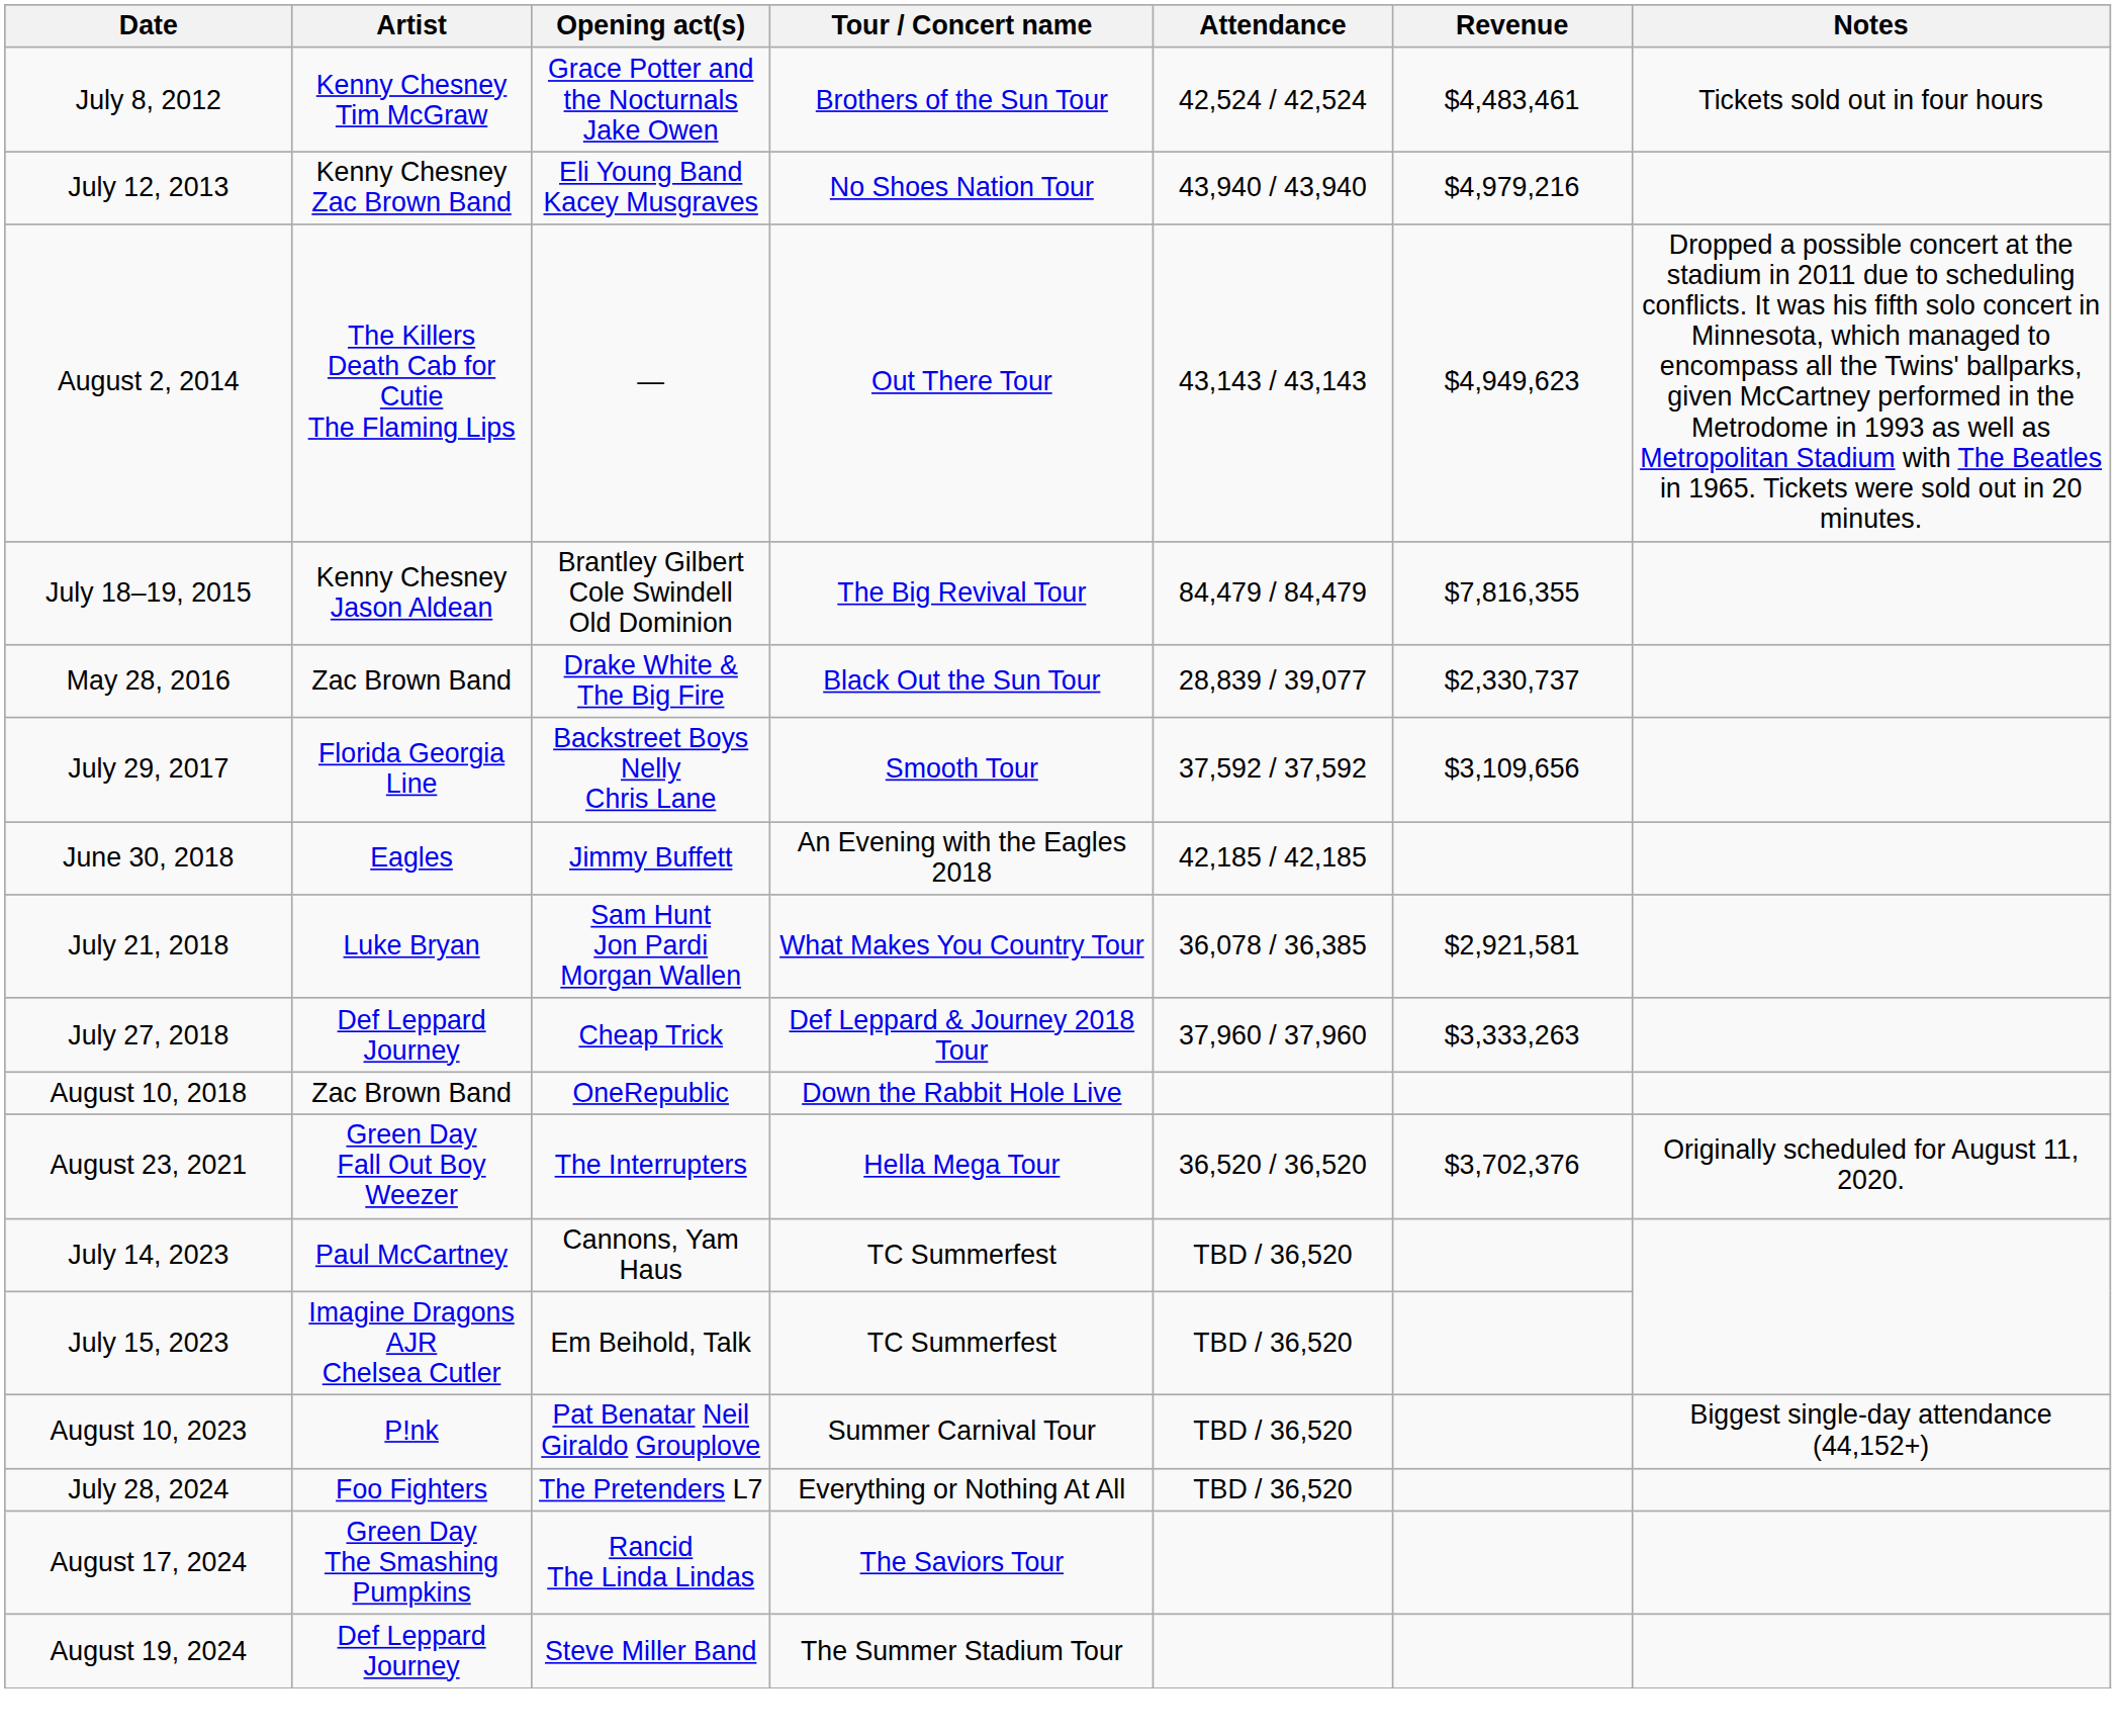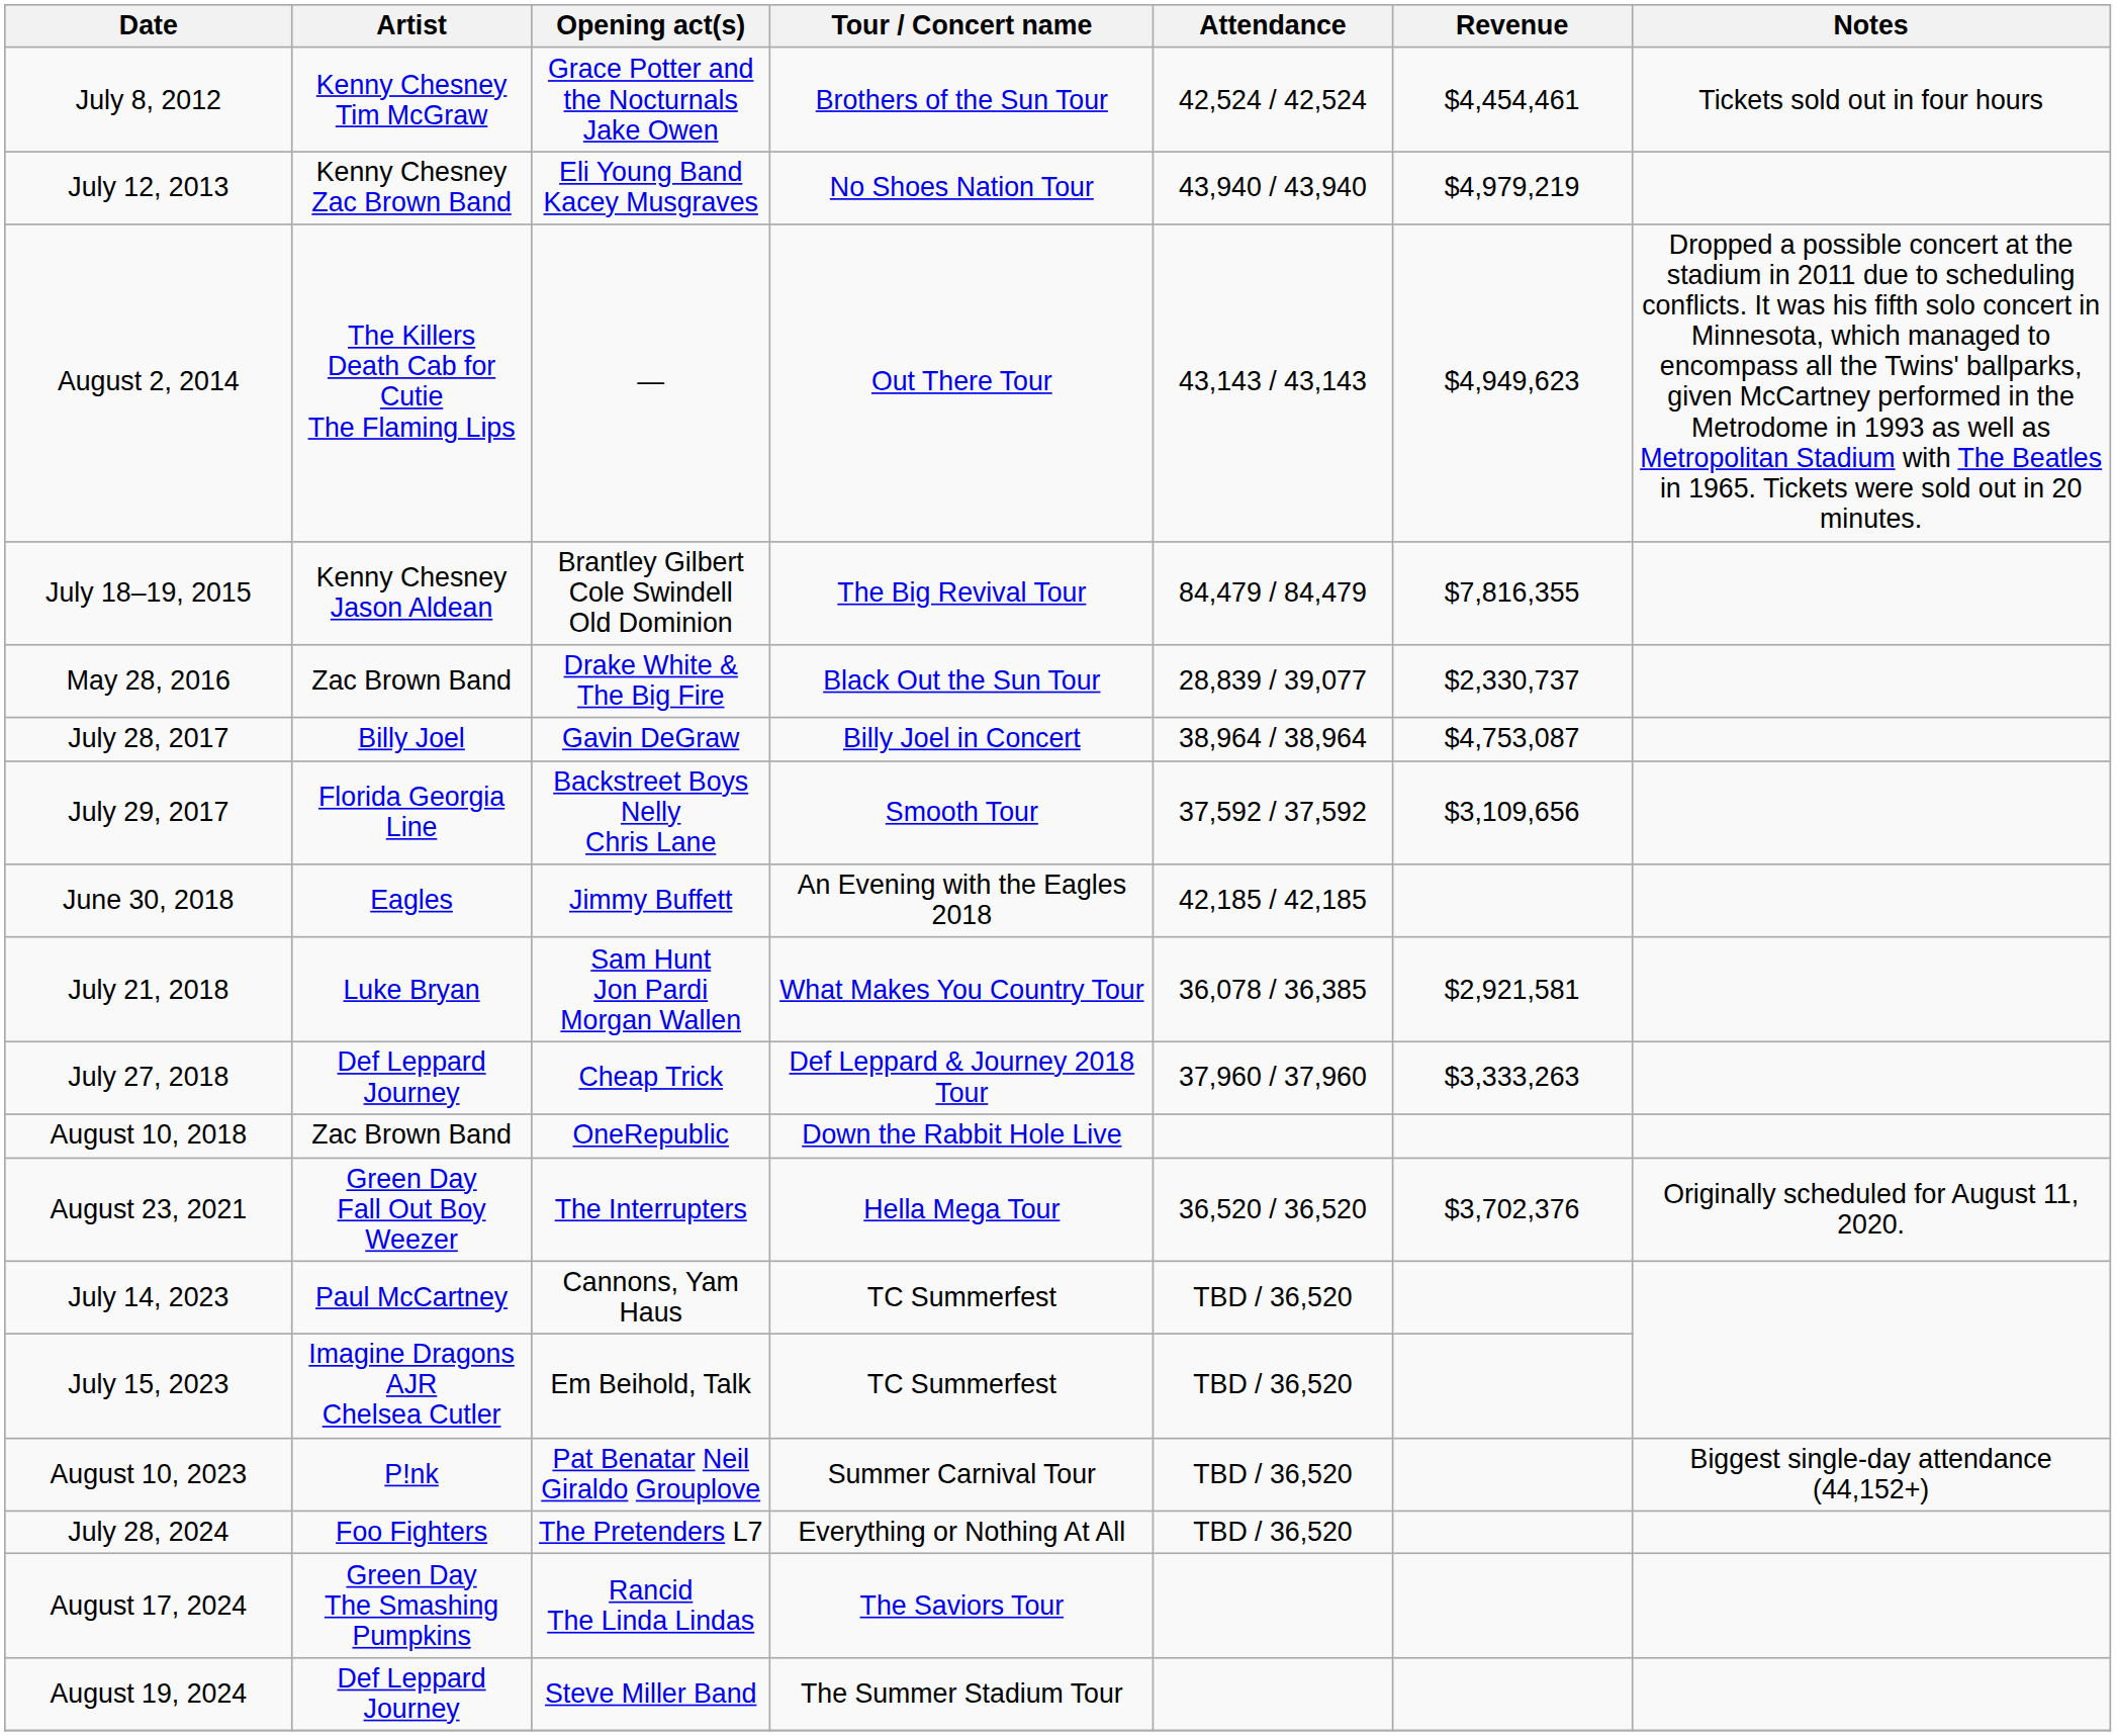 <table class="wikitable" style="text-align:center;">
 <tr>
 <th width=12% style="text-align:center;">Date</th>
 <th width=10% style="text-align:center;">Artist</th>
 <th width=10% style="text-align:center;">Opening act(s)</th>
 <th width=16% style="text-align:center;">Tour / Concert name</th>
 <th width=10% style="text-align:center;">Attendance</th>
 <th width=10% style="text-align:center;">Revenue</th>
 <th width=20% style="text-align:center;">Notes</th>
 </tr>
 <tr>
 <td>July 8, 2012</td>
 <td><a href='#'>Kenny Chesney</a><br><a href='#'>Tim McGraw</a></td>
 <td><a href='#'>Grace Potter and the Nocturnals</a><br><a href='#'>Jake Owen</a></td>
 <td><a href='#'>Brothers of the Sun Tour</a></td>
 <td>42,524 / 42,524</td>
-<td>$4,483,461</td>
+<td>$4,454,461</td>
 <td>Tickets sold out in four hours</td>
 </tr>
 <tr>
 <td>July 12, 2013</td>
 <td>Kenny Chesney<br><a href='#'>Zac Brown Band</a></td>
 <td><a href='#'>Eli Young Band</a><br><a href='#'>Kacey Musgraves</a></td>
 <td><a href='#'>No Shoes Nation Tour</a></td>
 <td>43,940 / 43,940</td>
-<td>$4,979,216</td>
+<td>$4,979,219</td>
 <td></td>
 </tr>
 <tr>
 <td>August 2, 2014</td>
 <td><a href='#'>The Killers</a><br><a href='#'>Death Cab for Cutie</a><br><a href='#'>The Flaming Lips</a></td>
 <td>—</td>
 <td><a href='#'>Out There Tour</a></td>
 <td>43,143 / 43,143</td>
 <td>$4,949,623</td>
 <td>Dropped a possible concert at the stadium in 2011 due to scheduling conflicts. It was his fifth solo concert in Minnesota, which managed to encompass all the Twins' ballparks, given McCartney performed in the Metrodome in 1993 as well as <a href='#'>Metropolitan Stadium</a> with <a href='#'>The Beatles</a> in 1965. Tickets were sold out in 20 minutes.</td>
 </tr>
 <tr>
 <td>July 18–19, 2015</td>
 <td>Kenny Chesney<br><a href='#'>Jason Aldean</a></td>
 <td>Brantley Gilbert<br>Cole Swindell<br>Old Dominion</td>
 <td><a href='#'>The Big Revival Tour</a></td>
 <td>84,479 / 84,479</td>
 <td>$7,816,355</td>
 <td></td>
 </tr>
 <tr>
 <td>May 28, 2016</td>
 <td>Zac Brown Band</td>
 <td><a href='#'>Drake White & The Big Fire</a></td>
 <td><a href='#'>Black Out the Sun Tour</a></td>
 <td>28,839 / 39,077</td>
 <td>$2,330,737</td>
+<td></td>
+</tr>
+<tr>
+<td>July 28, 2017</td>
+<td><a href='#'>Billy Joel</a></td>
+<td><a href='#'>Gavin DeGraw</a></td>
+<td><a href='#'>Billy Joel in Concert</a></td>
+<td>38,964 / 38,964</td>
+<td>$4,753,087</td>
 <td></td>
 </tr>
 <tr>
 <td>July 29, 2017</td>
 <td><a href='#'>Florida Georgia Line</a></td>
 <td><a href='#'>Backstreet Boys</a><br><a href='#'>Nelly</a><br><a href='#'>Chris Lane</a></td>
 <td><a href='#'>Smooth Tour</a></td>
 <td>37,592 / 37,592</td>
 <td>$3,109,656</td>
 <td></td>
 </tr>
 <tr>
 <td>June 30, 2018</td>
 <td><a href='#'>Eagles</a></td>
 <td><a href='#'>Jimmy Buffett</a></td>
 <td>An Evening with the Eagles 2018</td>
 <td>42,185 / 42,185</td>
 <td></td>
 <td></td>
 </tr>
 <tr>
 <td>July 21, 2018</td>
 <td><a href='#'>Luke Bryan</a></td>
 <td><a href='#'>Sam Hunt</a><br><a href='#'>Jon Pardi</a><br><a href='#'>Morgan Wallen</a></td>
 <td><a href='#'>What Makes You Country Tour</a></td>
 <td>36,078 / 36,385</td>
 <td>$2,921,581</td>
 <td></td>
 </tr>
 <tr>
 <td>July 27, 2018</td>
 <td><a href='#'>Def Leppard</a><br><a href='#'>Journey</a></td>
 <td><a href='#'>Cheap Trick</a></td>
 <td><a href='#'>Def Leppard & Journey 2018 Tour</a></td>
 <td>37,960 / 37,960</td>
 <td>$3,333,263</td>
 <td></td>
 </tr>
 <tr>
 <td>August 10, 2018</td>
 <td>Zac Brown Band</td>
 <td><a href='#'>OneRepublic</a></td>
 <td><a href='#'>Down the Rabbit Hole Live</a></td>
 <td></td>
 <td></td>
 <td></td>
 </tr>
 <tr>
 <td>August 23, 2021</td>
 <td><a href='#'>Green Day</a><br><a href='#'>Fall Out Boy</a><br><a href='#'>Weezer</a></td>
 <td><a href='#'>The Interrupters</a></td>
 <td><a href='#'>Hella Mega Tour</a></td>
 <td>36,520 / 36,520</td>
 <td>$3,702,376</td>
 <td>Originally scheduled for August 11, 2020.</td>
 </tr>
 <tr>
 <td>July 14, 2023</td>
 <td><a href='#'>Paul McCartney</a></td>
 <td>Cannons, Yam Haus</td>
 <td>TC Summerfest</td>
 <td>TBD / 36,520</td>
 <td></td>
 </tr>
 <tr>
 <td>July 15, 2023</td>
 <td><a href='#'>Imagine Dragons</a><br><a href='#'>AJR</a><br><a href='#'>Chelsea Cutler</a></td>
 <td>Em Beihold, Talk</td>
 <td>TC Summerfest</td>
 <td>TBD / 36,520</td>
 <td></td>
 </tr>
 <tr>
 <td>August 10, 2023</td>
 <td><a href='#'>P!nk</a></td>
 <td><a href='#'>Pat Benatar</a> <a href='#'>Neil Giraldo</a> <a href='#'>Grouplove</a></td>
 <td>Summer Carnival Tour</td>
 <td>TBD / 36,520</td>
 <td></td>
 <td>Biggest single-day attendance (44,152+)</td>
 </tr>
 <tr>
 <td>July 28, 2024</td>
 <td><a href='#'>Foo Fighters</a></td>
 <td><a href='#'>The Pretenders</a> L7</td>
 <td>Everything or Nothing At All</td>
 <td>TBD / 36,520</td>
 <td></td>
 <td></td>
 </tr>
 <tr>
 <td>August 17, 2024</td>
 <td><a href='#'>Green Day</a><br><a href='#'>The Smashing Pumpkins</a></td>
 <td><a href='#'>Rancid</a><br><a href='#'>The Linda Lindas</a></td>
 <td><a href='#'>The Saviors Tour</a></td>
 <td></td>
 <td></td>
 <td></td>
 </tr>
 <tr>
 <td>August 19, 2024</td>
 <td><a href='#'>Def Leppard</a><br><a href='#'>Journey</a></td>
 <td><a href='#'>Steve Miller Band</a></td>
 <td>The Summer Stadium Tour</td>
 <td></td>
 <td></td>
 <td></td>
 </tr>
 <tr>
 </tr>
 </table>
